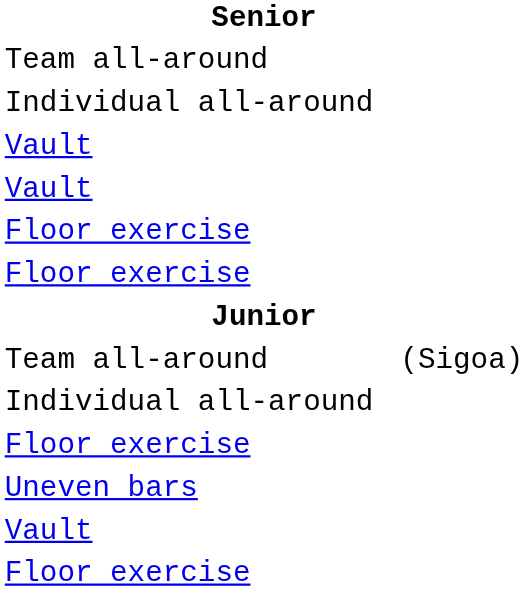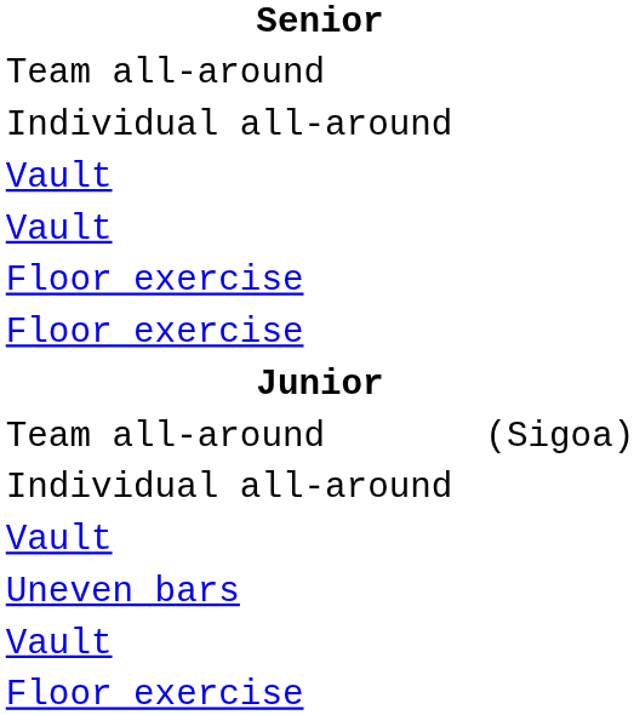 <table>
 <tr>
 <th colspan="4">Senior</th>
 </tr>
 <tr>
 <td>Team all-around</td>
 <td><br></td>
 <td><br></td>
 <td><br></td>
 </tr>
 <tr>
 <td>Individual all-around</td>
 <td></td>
 <td></td>
 <td></td>
 </tr>
 <tr>
 <td><a href='#'>Vault</a></td>
 <td></td>
 <td></td>
 <td></td>
 </tr>
 <tr>
 <td><a href='#'>Vault</a></td>
 <td></td>
 <td></td>
 <td></td>
 </tr>
 <tr>
 <td><a href='#'>Floor exercise</a></td>
 <td></td>
 <td></td>
 <td></td>
 </tr>
 <tr>
 <td><a href='#'>Floor exercise</a></td>
 <td></td>
 <td></td>
 <td></td>
 </tr>
 <tr>
 <th colspan="4">Junior</th>
 </tr>
 <tr>
 <td>Team all-around</td>
 <td><br></td>
 <td><br></td>
 <td> (Sigoa)<br></td>
 </tr>
 <tr>
 <td>Individual all-around</td>
 <td></td>
 <td></td>
 <td></td>
 </tr>
 <tr>
-<td><a href='#'>Floor exercise</a></td>
+<td><a href='#'>Vault</a></td>
 <td></td>
 <td></td>
 <td></td>
 </tr>
 <tr>
 <td><a href='#'>Uneven bars</a></td>
 <td></td>
 <td></td>
 <td></td>
 </tr>
 <tr>
 <td><a href='#'>Vault</a></td>
 <td></td>
 <td></td>
 <td></td>
 </tr>
 <tr>
 <td><a href='#'>Floor exercise</a></td>
 <td></td>
 <td></td>
 <td></td>
 </tr>
 </table>
